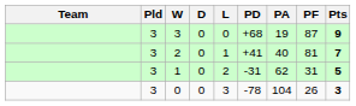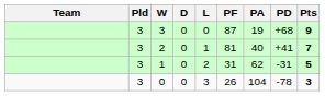 <table class="wikitable" style="text-align:center;">
 <tr>
 <th width=175>Team</th>
 <th width=25 abbr="Played">Pld</th>
 <th width=25 abbr="Won">W</th>
 <th width=25 abbr="Drawn">D</th>
 <th width=25 abbr="Lost">L</th>
+<th width=32 abbr="Points for">PF</th>
+<th width=32 abbr="Points against">PA</th>
 <th width=32 abbr="Points difference">PD</th>
-<th width=32 abbr="Points against">PA</th>
-<th width=32 abbr="Points for">PF</th>
 <th width=25 abbr="Points">Pts</th>
 </tr>
 <tr bgcolor=ccffcc>
 <td align=left></td>
 <td>3</td>
 <td>3</td>
 <td>0</td>
 <td>0</td>
+<td>87</td>
+<td>19</td>
 <td>+68</td>
-<td>19</td>
-<td>87</td>
 <td><strong>9</strong></td>
 </tr>
 <tr bgcolor=ccffcc>
 <td align=left></td>
 <td>3</td>
 <td>2</td>
 <td>0</td>
 <td>1</td>
+<td>81</td>
+<td>40</td>
 <td>+41</td>
-<td>40</td>
-<td>81</td>
 <td><strong>7</strong></td>
 </tr>
 <tr bgcolor=ccffcc>
 <td align=left></td>
 <td>3</td>
 <td>1</td>
 <td>0</td>
 <td>2</td>
+<td>31</td>
+<td>62</td>
 <td>-31</td>
-<td>62</td>
-<td>31</td>
 <td><strong>5</strong></td>
 </tr>
 <tr>
 <td align=left></td>
 <td>3</td>
 <td>0</td>
 <td>0</td>
 <td>3</td>
+<td>26</td>
+<td>104</td>
 <td>-78</td>
-<td>104</td>
-<td>26</td>
 <td><strong>3</strong></td>
 </tr>
 </table>
